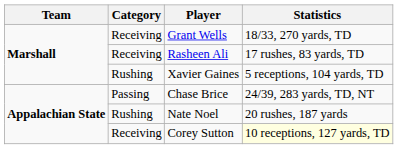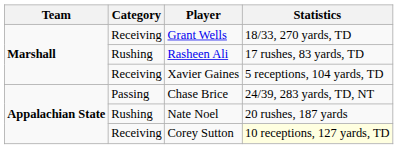 <table class="wikitable" style="float: left;">
 <tr>
 <th>Team</th>
 <th>Category</th>
 <th>Player</th>
 <th>Statistics</th>
 </tr>
 <tr>
 <td rowspan=3><strong>Marshall</strong></td>
 <td>Receiving</td>
 <td><a href='#'>Grant Wells</a></td>
 <td>18/33, 270 yards, TD</td>
 </tr>
 <tr>
-<td>Receiving</td>
+<td>Rushing</td>
 <td><a href='#'>Rasheen Ali</a></td>
 <td>17 rushes, 83 yards, TD</td>
 </tr>
 <tr>
-<td>Rushing</td>
+<td>Receiving</td>
 <td>Xavier Gaines</td>
 <td>5 receptions, 104 yards, TD</td>
 </tr>
 <tr>
 <td rowspan=3><strong>Appalachian State</strong></td>
 <td>Passing</td>
 <td>Chase Brice</td>
 <td>24/39, 283 yards, TD, NT</td>
 </tr>
 <tr>
 <td>Rushing</td>
 <td>Nate Noel</td>
 <td>20 rushes, 187 yards</td>
 </tr>
 <tr>
 <td>Receiving</td>
 <td>Corey Sutton</td>
 <td style="background: lightyellow;">10 receptions, 127 yards, TD</td>
 </tr>
 </table>
